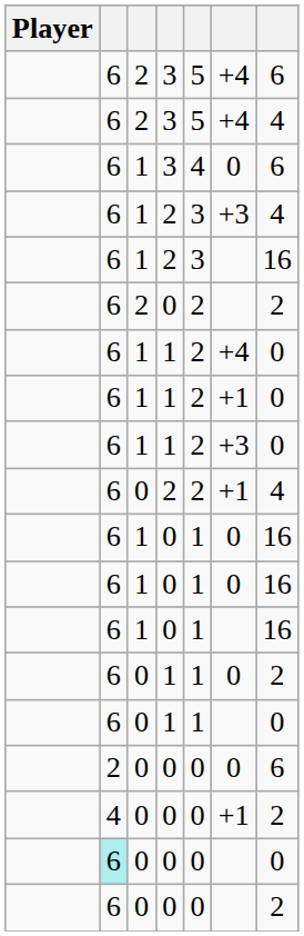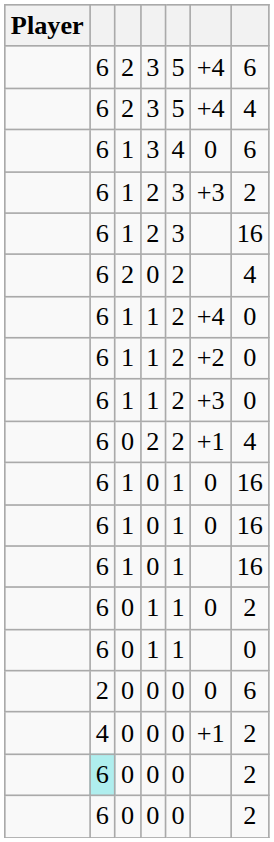 <table class="wikitable sortable" style="text-align:center;">
 <tr>
 <th>Player</th>
 <th></th>
 <th></th>
 <th></th>
 <th></th>
 <th data-sort-type="number"></th>
 <th></th>
 </tr>
 <tr>
 <td style="text-align:left;"></td>
 <td>6</td>
 <td>2</td>
 <td>3</td>
 <td>5</td>
 <td>+4</td>
 <td>6</td>
 </tr>
 <tr>
 <td style="text-align:left;"></td>
 <td>6</td>
 <td>2</td>
 <td>3</td>
 <td>5</td>
 <td>+4</td>
 <td>4</td>
 </tr>
 <tr>
 <td style="text-align:left;"></td>
 <td>6</td>
 <td>1</td>
 <td>3</td>
 <td>4</td>
 <td>0</td>
 <td>6</td>
 </tr>
 <tr>
 <td style="text-align:left;"></td>
 <td>6</td>
 <td>1</td>
 <td>2</td>
 <td>3</td>
 <td>+3</td>
-<td>4</td>
+<td>2</td>
 </tr>
 <tr>
 <td style="text-align:left;"></td>
 <td>6</td>
 <td>1</td>
 <td>2</td>
 <td>3</td>
 <td></td>
 <td>16</td>
 </tr>
 <tr>
 <td style="text-align:left;"></td>
 <td>6</td>
 <td>2</td>
 <td>0</td>
 <td>2</td>
 <td></td>
-<td>2</td>
+<td>4</td>
 </tr>
 <tr>
 <td style="text-align:left;"></td>
 <td>6</td>
 <td>1</td>
 <td>1</td>
 <td>2</td>
 <td>+4</td>
 <td>0</td>
 </tr>
 <tr>
 <td style="text-align:left;"></td>
 <td>6</td>
 <td>1</td>
 <td>1</td>
 <td>2</td>
-<td>+1</td>
+<td>+2</td>
 <td>0</td>
 </tr>
 <tr>
 <td style="text-align:left;"></td>
 <td>6</td>
 <td>1</td>
 <td>1</td>
 <td>2</td>
 <td>+3</td>
 <td>0</td>
 </tr>
 <tr>
 <td style="text-align:left;"></td>
 <td>6</td>
 <td>0</td>
 <td>2</td>
 <td>2</td>
 <td>+1</td>
 <td>4</td>
 </tr>
 <tr>
 <td style="text-align:left;"></td>
 <td>6</td>
 <td>1</td>
 <td>0</td>
 <td>1</td>
 <td>0</td>
 <td>16</td>
 </tr>
 <tr>
 <td style="text-align:left;"></td>
 <td>6</td>
 <td>1</td>
 <td>0</td>
 <td>1</td>
 <td>0</td>
 <td>16</td>
 </tr>
 <tr>
 <td style="text-align:left;"></td>
 <td>6</td>
 <td>1</td>
 <td>0</td>
 <td>1</td>
 <td></td>
 <td>16</td>
 </tr>
 <tr>
 <td style="text-align:left;"></td>
 <td>6</td>
 <td>0</td>
 <td>1</td>
 <td>1</td>
 <td>0</td>
 <td>2</td>
 </tr>
 <tr>
 <td style="text-align:left;"></td>
 <td>6</td>
 <td>0</td>
 <td>1</td>
 <td>1</td>
 <td></td>
 <td>0</td>
 </tr>
 <tr>
 <td style="text-align:left;"></td>
 <td>2</td>
 <td>0</td>
 <td>0</td>
 <td>0</td>
 <td>0</td>
 <td>6</td>
 </tr>
 <tr>
 <td style="text-align:left;"></td>
 <td>4</td>
 <td>0</td>
 <td>0</td>
 <td>0</td>
 <td>+1</td>
 <td>2</td>
 </tr>
 <tr>
 <td style="text-align:left;"></td>
 <td style="background: paleturquoise;">6</td>
 <td>0</td>
 <td>0</td>
 <td>0</td>
 <td></td>
-<td>0</td>
+<td>2</td>
 </tr>
 <tr>
 <td style="text-align:left;"></td>
 <td>6</td>
 <td>0</td>
 <td>0</td>
 <td>0</td>
 <td></td>
 <td>2</td>
 </tr>
 </table>
